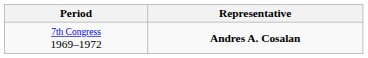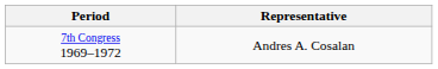 <table class="wikitable" style="text-align:center; width:40%;">
 <tr>
 <th width="40%">Period</th>
 <th>Representative</th>
 </tr>
 <tr>
 <td><small><a href='#'>7th Congress</a></small><br>1969–1972</td>
-<td><strong>Andres A. Cosalan</strong></td>
+<td>Andres A. Cosalan</td>
 </tr>
 </table>
